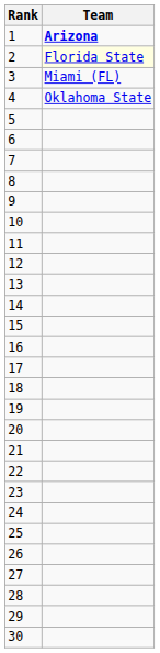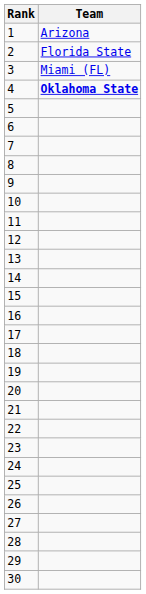 <table class=wikitable>
 <tr>
 <th>Rank</th>
 <th>Team</th>
 </tr>
 <tr>
 <td>1</td>
-<td><strong><a href='#'>Arizona</a></strong></td>
+<td><a href='#'>Arizona</a></td>
 </tr>
 <tr>
 <td>2</td>
-<td style="background: lightyellow;"><a href='#'>Florida State</a></td>
+<td><a href='#'>Florida State</a></td>
 </tr>
 <tr>
 <td>3</td>
 <td><a href='#'>Miami (FL)</a></td>
 </tr>
 <tr>
 <td>4</td>
-<td><a href='#'>Oklahoma State</a></td>
+<td><strong><a href='#'>Oklahoma State</a></strong></td>
 </tr>
 <tr>
 <td>5</td>
 <td></td>
 </tr>
 <tr>
 <td>6</td>
 <td></td>
 </tr>
 <tr>
 <td>7</td>
 <td></td>
 </tr>
 <tr>
 <td>8</td>
 <td></td>
 </tr>
 <tr>
 <td>9</td>
 <td></td>
 </tr>
 <tr>
 <td>10</td>
 <td></td>
 </tr>
 <tr>
 <td>11</td>
 <td></td>
 </tr>
 <tr>
 <td>12</td>
 <td></td>
 </tr>
 <tr>
 <td>13</td>
 <td></td>
 </tr>
 <tr>
 <td>14</td>
 <td></td>
 </tr>
 <tr>
 <td>15</td>
 <td></td>
 </tr>
 <tr>
 <td>16</td>
 <td></td>
 </tr>
 <tr>
 <td>17</td>
 <td></td>
 </tr>
 <tr>
 <td>18</td>
 <td></td>
 </tr>
 <tr>
 <td>19</td>
 <td></td>
 </tr>
 <tr>
 <td>20</td>
 <td></td>
 </tr>
 <tr>
 <td>21</td>
 <td></td>
 </tr>
 <tr>
 <td>22</td>
 <td></td>
 </tr>
 <tr>
 <td>23</td>
 <td></td>
 </tr>
 <tr>
 <td>24</td>
 <td></td>
 </tr>
 <tr>
 <td>25</td>
 <td></td>
 </tr>
 <tr>
 <td>26</td>
 <td></td>
 </tr>
 <tr>
 <td>27</td>
 <td></td>
 </tr>
 <tr>
 <td>28</td>
 <td></td>
 </tr>
 <tr>
 <td>29</td>
 <td></td>
 </tr>
 <tr>
 <td>30</td>
 <td></td>
 </tr>
 </table>
